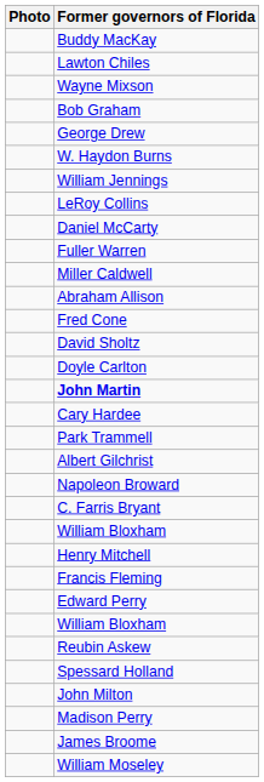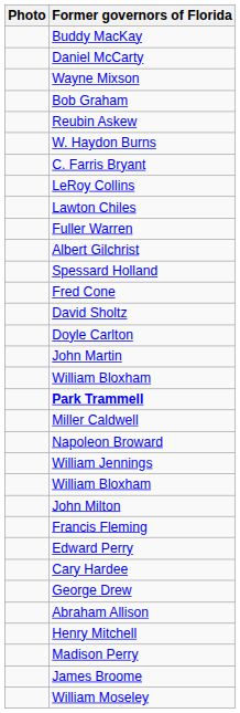 <table class="wikitable">
 <tr>
 <th>Photo</th>
 <th>Former governors of Florida</th>
 </tr>
 <tr>
 <td></td>
 <td><a href='#'>Buddy MacKay</a></td>
 </tr>
 <tr>
 <td></td>
-<td><a href='#'>Lawton Chiles</a></td>
+<td><a href='#'>Daniel McCarty</a></td>
 </tr>
 <tr>
 <td></td>
 <td><a href='#'>Wayne Mixson</a></td>
 </tr>
 <tr>
 <td></td>
 <td><a href='#'>Bob Graham</a></td>
 </tr>
 <tr>
 <td></td>
-<td><a href='#'>George Drew</a></td>
+<td><a href='#'>Reubin Askew</a></td>
 </tr>
 <tr>
 <td></td>
 <td><a href='#'>W. Haydon Burns</a></td>
 </tr>
 <tr>
 <td></td>
-<td><a href='#'>William Jennings</a></td>
+<td><a href='#'>C. Farris Bryant</a></td>
 </tr>
 <tr>
 <td></td>
 <td><a href='#'>LeRoy Collins</a></td>
 </tr>
 <tr>
 <td></td>
-<td><a href='#'>Daniel McCarty</a></td>
+<td><a href='#'>Lawton Chiles</a></td>
 </tr>
 <tr>
 <td></td>
 <td><a href='#'>Fuller Warren</a></td>
 </tr>
 <tr>
 <td></td>
-<td><a href='#'>Miller Caldwell</a></td>
+<td><a href='#'>Albert Gilchrist</a></td>
 </tr>
 <tr>
 <td></td>
-<td><a href='#'>Abraham Allison</a></td>
+<td><a href='#'>Spessard Holland</a></td>
 </tr>
 <tr>
 <td></td>
 <td><a href='#'>Fred Cone</a></td>
 </tr>
 <tr>
 <td></td>
 <td><a href='#'>David Sholtz</a></td>
 </tr>
 <tr>
 <td></td>
 <td><a href='#'>Doyle Carlton</a></td>
 </tr>
 <tr>
 <td></td>
-<td><strong><a href='#'>John Martin</a></strong></td>
+<td><a href='#'>John Martin</a></td>
 </tr>
 <tr>
 <td></td>
-<td><a href='#'>Cary Hardee</a></td>
+<td><a href='#'>William Bloxham</a></td>
 </tr>
 <tr>
 <td></td>
-<td><a href='#'>Park Trammell</a></td>
+<td><strong><a href='#'>Park Trammell</a></strong></td>
 </tr>
 <tr>
 <td></td>
-<td><a href='#'>Albert Gilchrist</a></td>
+<td><a href='#'>Miller Caldwell</a></td>
 </tr>
 <tr>
 <td></td>
 <td><a href='#'>Napoleon Broward</a></td>
 </tr>
 <tr>
 <td></td>
-<td><a href='#'>C. Farris Bryant</a></td>
+<td><a href='#'>William Jennings</a></td>
 </tr>
 <tr>
 <td></td>
 <td><a href='#'>William Bloxham</a></td>
 </tr>
 <tr>
 <td></td>
-<td><a href='#'>Henry Mitchell</a></td>
+<td><a href='#'>John Milton</a></td>
 </tr>
 <tr>
 <td></td>
 <td><a href='#'>Francis Fleming</a></td>
 </tr>
 <tr>
 <td></td>
 <td><a href='#'>Edward Perry</a></td>
 </tr>
 <tr>
 <td></td>
-<td><a href='#'>William Bloxham</a></td>
+<td><a href='#'>Cary Hardee</a></td>
 </tr>
 <tr>
 <td></td>
-<td><a href='#'>Reubin Askew</a></td>
+<td><a href='#'>George Drew</a></td>
 </tr>
 <tr>
 <td></td>
-<td><a href='#'>Spessard Holland</a></td>
+<td><a href='#'>Abraham Allison</a></td>
 </tr>
 <tr>
 <td></td>
-<td><a href='#'>John Milton</a></td>
+<td><a href='#'>Henry Mitchell</a></td>
 </tr>
 <tr>
 <td></td>
 <td><a href='#'>Madison Perry</a></td>
 </tr>
 <tr>
 <td></td>
 <td><a href='#'>James Broome</a></td>
 </tr>
 <tr>
 <td></td>
 <td><a href='#'>William Moseley</a></td>
 </tr>
 </table>
